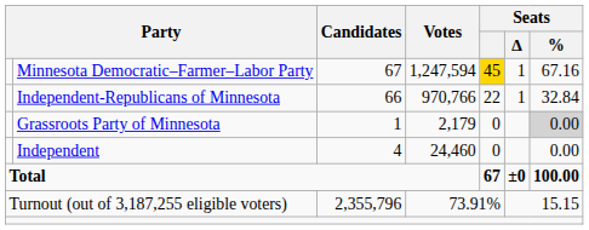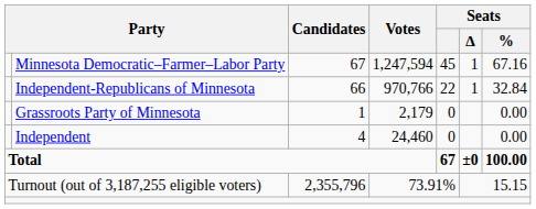 <table class="wikitable">
 <tr>
 <th rowspan="2" colspan="2">Party</th>
 <th rowspan="2">Candidates</th>
 <th rowspan="2" colspan="1">Votes</th>
 <th colspan="3">Seats</th>
 </tr>
 <tr>
 <th></th>
 <th>∆</th>
 <th>%</th>
 </tr>
 <tr>
 <td style="background-color:"></td>
 <td><a href='#'>Minnesota Democratic–Farmer–Labor Party</a></td>
 <td align="right">67</td>
 <td align="right">1,247,594</td>
-<td align="right" style="background: gold;">45</td>
+<td align="right">45</td>
 <td align="right">1</td>
 <td align="right">67.16</td>
 </tr>
 <tr>
 <td style="background-color:"></td>
 <td><a href='#'>Independent-Republicans of Minnesota</a></td>
 <td align="right">66</td>
 <td align="right">970,766</td>
 <td align="right">22</td>
 <td align="right">1</td>
 <td align="right">32.84</td>
 </tr>
 <tr>
 <td style="background-color:"></td>
 <td><a href='#'>Grassroots Party of Minnesota</a></td>
 <td align="right">1</td>
 <td align="right">2,179</td>
 <td align="right">0</td>
 <td align="right"></td>
-<td align="right" style="background: lightgrey;">0.00</td>
+<td align="right">0.00</td>
 </tr>
 <tr>
 <td style="background-color:"></td>
 <td><a href='#'>Independent</a></td>
 <td align="right">4</td>
 <td align="right">24,460</td>
 <td align="right">0</td>
 <td align="right"></td>
 <td align="right">0.00</td>
 </tr>
 <tr>
 <td colspan="4" align="left"><strong>Total</strong></td>
 <td align="right"><strong>67</strong></td>
 <td align="right"><strong>±0</strong></td>
 <td align="right"><strong>100.00</strong></td>
 </tr>
 <tr>
 <td colspan="2" align="left">Turnout (out of 3,187,255 eligible voters)</td>
 <td colspan="1" align="right">2,355,796</td>
 <td colspan="2" align="right">73.91%</td>
 <td colspan="2" align="right">15.15 </td>
 </tr>
 <tr>
 <td colspan="7"></td>
 </tr>
 </table>
